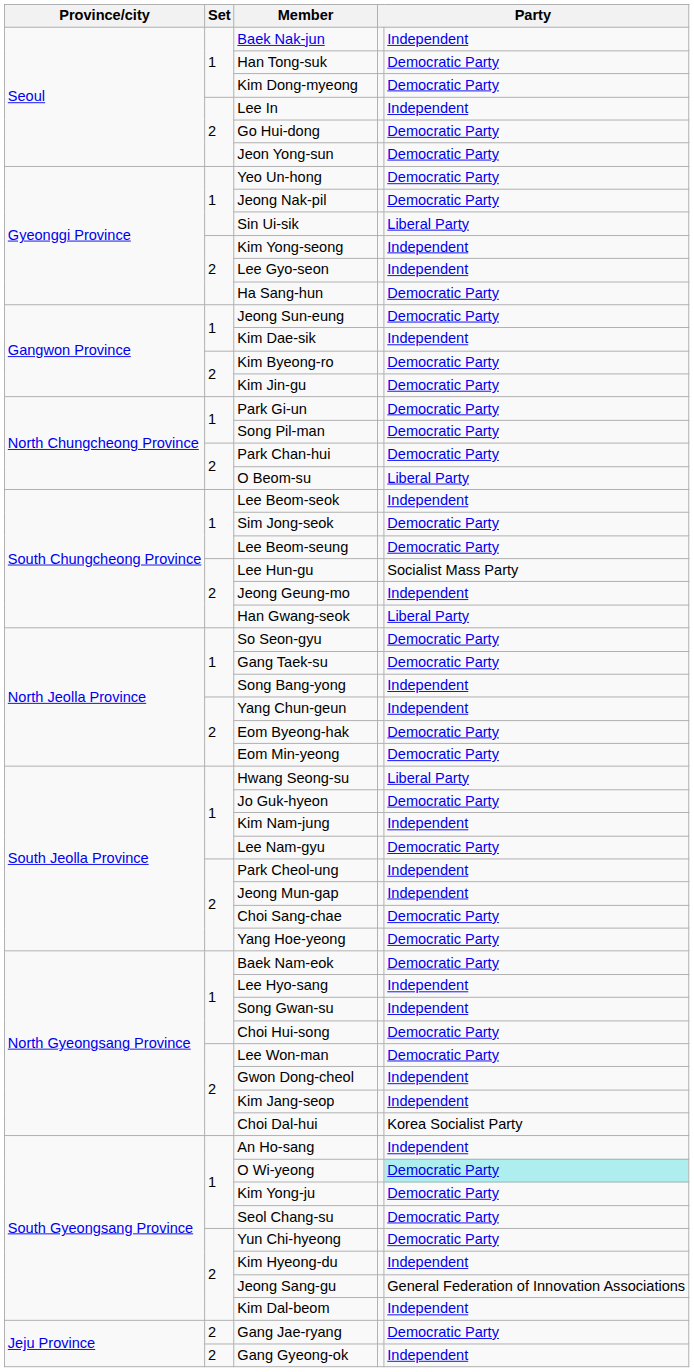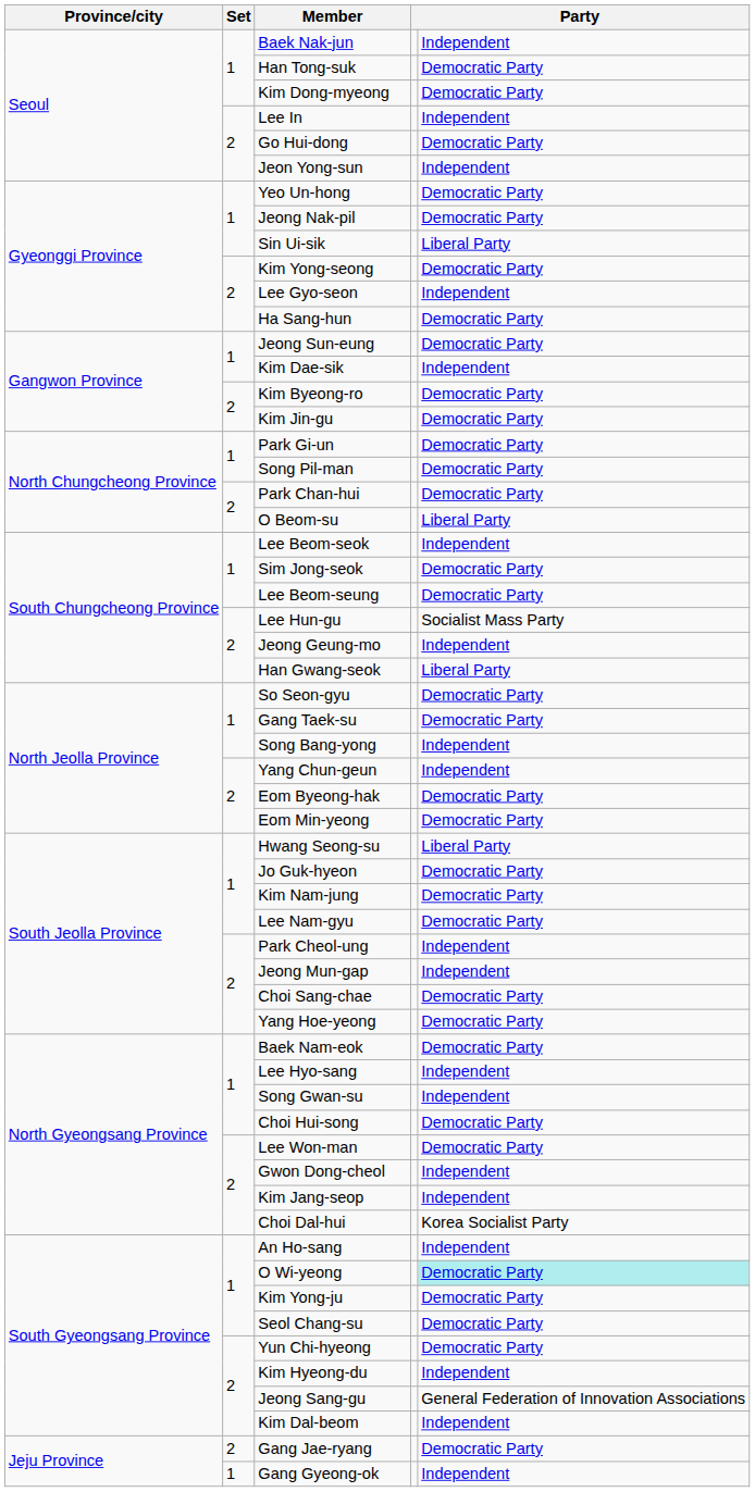 <table class="wikitable sortable plainrowheaders">
 <tr>
 <th>Province/city</th>
 <th>Set</th>
 <th width="150px">Member</th>
 <th colspan="2">Party</th>
 </tr>
 <tr>
 <td rowspan="6"><a href='#'>Seoul</a></td>
 <td rowspan="3">1</td>
 <td><a href='#'>Baek Nak-jun</a></td>
 <td></td>
 <td><a href='#'>Independent</a></td>
 </tr>
 <tr>
 <td>Han Tong-suk</td>
 <td></td>
 <td><a href='#'>Democratic Party</a></td>
 </tr>
 <tr>
 <td>Kim Dong-myeong</td>
 <td></td>
 <td><a href='#'>Democratic Party</a></td>
 </tr>
 <tr>
 <td rowspan="3">2</td>
 <td>Lee In</td>
 <td></td>
 <td><a href='#'>Independent</a></td>
 </tr>
 <tr>
 <td>Go Hui-dong</td>
 <td></td>
 <td><a href='#'>Democratic Party</a></td>
 </tr>
 <tr>
 <td>Jeon Yong-sun</td>
 <td></td>
-<td><a href='#'>Democratic Party</a></td>
+<td><a href='#'>Independent</a></td>
 </tr>
 <tr>
 <td rowspan="6"><a href='#'>Gyeonggi Province</a></td>
 <td rowspan="3">1</td>
 <td>Yeo Un-hong</td>
 <td></td>
 <td><a href='#'>Democratic Party</a></td>
 </tr>
 <tr>
 <td>Jeong Nak-pil</td>
 <td></td>
 <td><a href='#'>Democratic Party</a></td>
 </tr>
 <tr>
 <td>Sin Ui-sik</td>
 <td></td>
 <td><a href='#'>Liberal Party</a></td>
 </tr>
 <tr>
 <td rowspan="3">2</td>
 <td>Kim Yong-seong</td>
 <td></td>
-<td><a href='#'>Independent</a></td>
+<td><a href='#'>Democratic Party</a></td>
 </tr>
 <tr>
 <td>Lee Gyo-seon</td>
 <td></td>
 <td><a href='#'>Independent</a></td>
 </tr>
 <tr>
 <td>Ha Sang-hun</td>
 <td></td>
 <td><a href='#'>Democratic Party</a></td>
 </tr>
 <tr>
 <td rowspan="4"><a href='#'>Gangwon Province</a></td>
 <td rowspan="2">1</td>
 <td>Jeong Sun-eung</td>
 <td></td>
 <td><a href='#'>Democratic Party</a></td>
 </tr>
 <tr>
 <td>Kim Dae-sik</td>
 <td></td>
 <td><a href='#'>Independent</a></td>
 </tr>
 <tr>
 <td rowspan="2">2</td>
 <td>Kim Byeong-ro</td>
 <td></td>
 <td><a href='#'>Democratic Party</a></td>
 </tr>
 <tr>
 <td>Kim Jin-gu</td>
 <td></td>
 <td><a href='#'>Democratic Party</a></td>
 </tr>
 <tr>
 <td rowspan="4"><a href='#'>North Chungcheong Province</a></td>
 <td rowspan="2">1</td>
 <td>Park Gi-un</td>
 <td></td>
 <td><a href='#'>Democratic Party</a></td>
 </tr>
 <tr>
 <td>Song Pil-man</td>
 <td></td>
 <td><a href='#'>Democratic Party</a></td>
 </tr>
 <tr>
 <td rowspan="2">2</td>
 <td>Park Chan-hui</td>
 <td></td>
 <td><a href='#'>Democratic Party</a></td>
 </tr>
 <tr>
 <td>O Beom-su</td>
 <td></td>
 <td><a href='#'>Liberal Party</a></td>
 </tr>
 <tr>
 <td rowspan="6"><a href='#'>South Chungcheong Province</a></td>
 <td rowspan="3">1</td>
 <td>Lee Beom-seok</td>
 <td></td>
 <td><a href='#'>Independent</a></td>
 </tr>
 <tr>
 <td>Sim Jong-seok</td>
 <td></td>
 <td><a href='#'>Democratic Party</a></td>
 </tr>
 <tr>
 <td>Lee Beom-seung</td>
 <td></td>
 <td><a href='#'>Democratic Party</a></td>
 </tr>
 <tr>
 <td rowspan="3">2</td>
 <td>Lee Hun-gu</td>
 <td bgcolor=></td>
 <td>Socialist Mass Party</td>
 </tr>
 <tr>
 <td>Jeong Geung-mo</td>
 <td></td>
 <td><a href='#'>Independent</a></td>
 </tr>
 <tr>
 <td>Han Gwang-seok</td>
 <td></td>
 <td><a href='#'>Liberal Party</a></td>
 </tr>
 <tr>
 <td rowspan="6"><a href='#'>North Jeolla Province</a></td>
 <td rowspan="3">1</td>
 <td>So Seon-gyu</td>
 <td></td>
 <td><a href='#'>Democratic Party</a></td>
 </tr>
 <tr>
 <td>Gang Taek-su</td>
 <td></td>
 <td><a href='#'>Democratic Party</a></td>
 </tr>
 <tr>
 <td>Song Bang-yong</td>
 <td></td>
 <td><a href='#'>Independent</a></td>
 </tr>
 <tr>
 <td rowspan="3">2</td>
 <td>Yang Chun-geun</td>
 <td></td>
 <td><a href='#'>Independent</a></td>
 </tr>
 <tr>
 <td>Eom Byeong-hak</td>
 <td></td>
 <td><a href='#'>Democratic Party</a></td>
 </tr>
 <tr>
 <td>Eom Min-yeong</td>
 <td></td>
 <td><a href='#'>Democratic Party</a></td>
 </tr>
 <tr>
 <td rowspan="8"><a href='#'>South Jeolla Province</a></td>
 <td rowspan="4">1</td>
 <td>Hwang Seong-su</td>
 <td></td>
 <td><a href='#'>Liberal Party</a></td>
 </tr>
 <tr>
 <td>Jo Guk-hyeon</td>
 <td></td>
 <td><a href='#'>Democratic Party</a></td>
 </tr>
 <tr>
 <td>Kim Nam-jung</td>
 <td></td>
-<td><a href='#'>Independent</a></td>
+<td><a href='#'>Democratic Party</a></td>
 </tr>
 <tr>
 <td>Lee Nam-gyu</td>
 <td></td>
 <td><a href='#'>Democratic Party</a></td>
 </tr>
 <tr>
 <td rowspan="4">2</td>
 <td>Park Cheol-ung</td>
 <td></td>
 <td><a href='#'>Independent</a></td>
 </tr>
 <tr>
 <td>Jeong Mun-gap</td>
 <td></td>
 <td><a href='#'>Independent</a></td>
 </tr>
 <tr>
 <td>Choi Sang-chae</td>
 <td></td>
 <td><a href='#'>Democratic Party</a></td>
 </tr>
 <tr>
 <td>Yang Hoe-yeong</td>
 <td></td>
 <td><a href='#'>Democratic Party</a></td>
 </tr>
 <tr>
 <td rowspan="8"><a href='#'>North Gyeongsang Province</a></td>
 <td rowspan="4">1</td>
 <td>Baek Nam-eok</td>
 <td></td>
 <td><a href='#'>Democratic Party</a></td>
 </tr>
 <tr>
 <td>Lee Hyo-sang</td>
 <td></td>
 <td><a href='#'>Independent</a></td>
 </tr>
 <tr>
 <td>Song Gwan-su</td>
 <td></td>
 <td><a href='#'>Independent</a></td>
 </tr>
 <tr>
 <td>Choi Hui-song</td>
 <td></td>
 <td><a href='#'>Democratic Party</a></td>
 </tr>
 <tr>
 <td rowspan="4">2</td>
 <td>Lee Won-man</td>
 <td></td>
 <td><a href='#'>Democratic Party</a></td>
 </tr>
 <tr>
 <td>Gwon Dong-cheol</td>
 <td></td>
 <td><a href='#'>Independent</a></td>
 </tr>
 <tr>
 <td>Kim Jang-seop</td>
 <td></td>
 <td><a href='#'>Independent</a></td>
 </tr>
 <tr>
 <td>Choi Dal-hui</td>
 <td bgcolor=></td>
 <td>Korea Socialist Party</td>
 </tr>
 <tr>
 <td rowspan="8"><a href='#'>South Gyeongsang Province</a></td>
 <td rowspan="4">1</td>
 <td>An Ho-sang</td>
 <td></td>
 <td><a href='#'>Independent</a></td>
 </tr>
 <tr>
 <td>O Wi-yeong</td>
 <td></td>
 <td style="background: paleturquoise;"><a href='#'>Democratic Party</a></td>
 </tr>
 <tr>
 <td>Kim Yong-ju</td>
 <td></td>
 <td><a href='#'>Democratic Party</a></td>
 </tr>
 <tr>
 <td>Seol Chang-su</td>
 <td></td>
 <td><a href='#'>Democratic Party</a></td>
 </tr>
 <tr>
 <td rowspan="4">2</td>
 <td>Yun Chi-hyeong</td>
 <td></td>
 <td><a href='#'>Democratic Party</a></td>
 </tr>
 <tr>
 <td>Kim Hyeong-du</td>
 <td></td>
 <td><a href='#'>Independent</a></td>
 </tr>
 <tr>
 <td>Jeong Sang-gu</td>
 <td></td>
 <td>General Federation of Innovation Associations</td>
 </tr>
 <tr>
 <td>Kim Dal-beom</td>
 <td></td>
 <td><a href='#'>Independent</a></td>
 </tr>
 <tr>
 <td rowspan="2"><a href='#'>Jeju Province</a></td>
 <td>2</td>
 <td>Gang Jae-ryang</td>
 <td></td>
 <td><a href='#'>Democratic Party</a></td>
 </tr>
 <tr>
-<td>2</td>
+<td>1</td>
 <td>Gang Gyeong-ok</td>
 <td></td>
 <td><a href='#'>Independent</a></td>
 </tr>
 </table>
